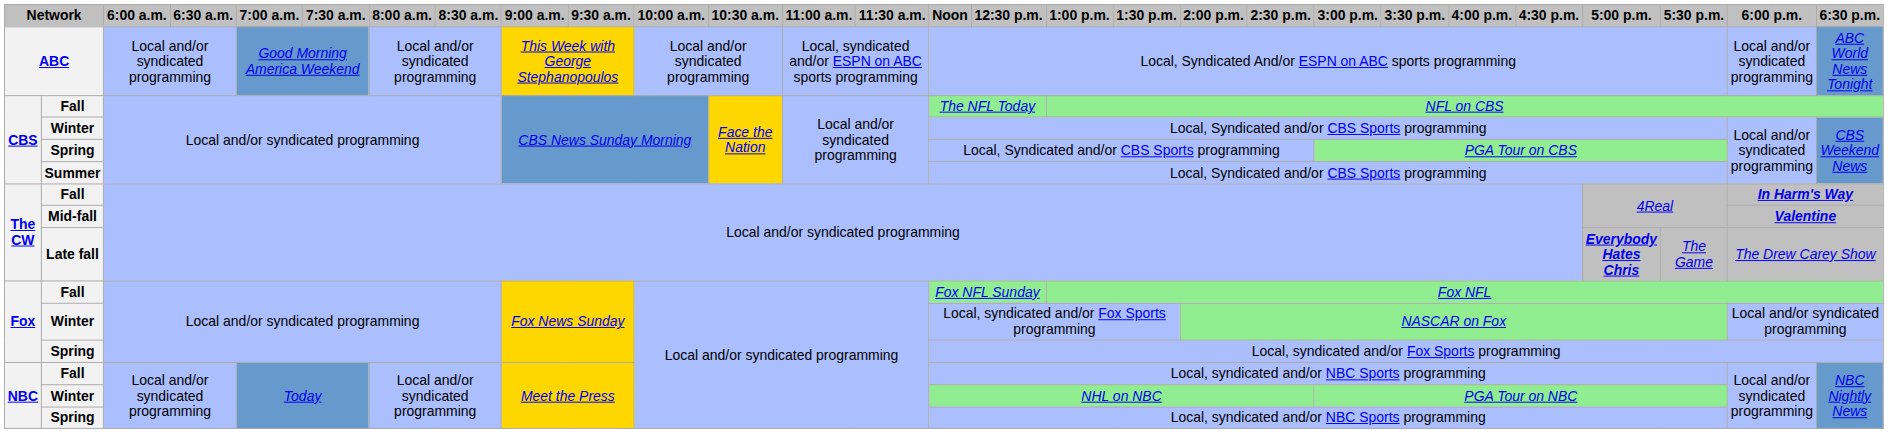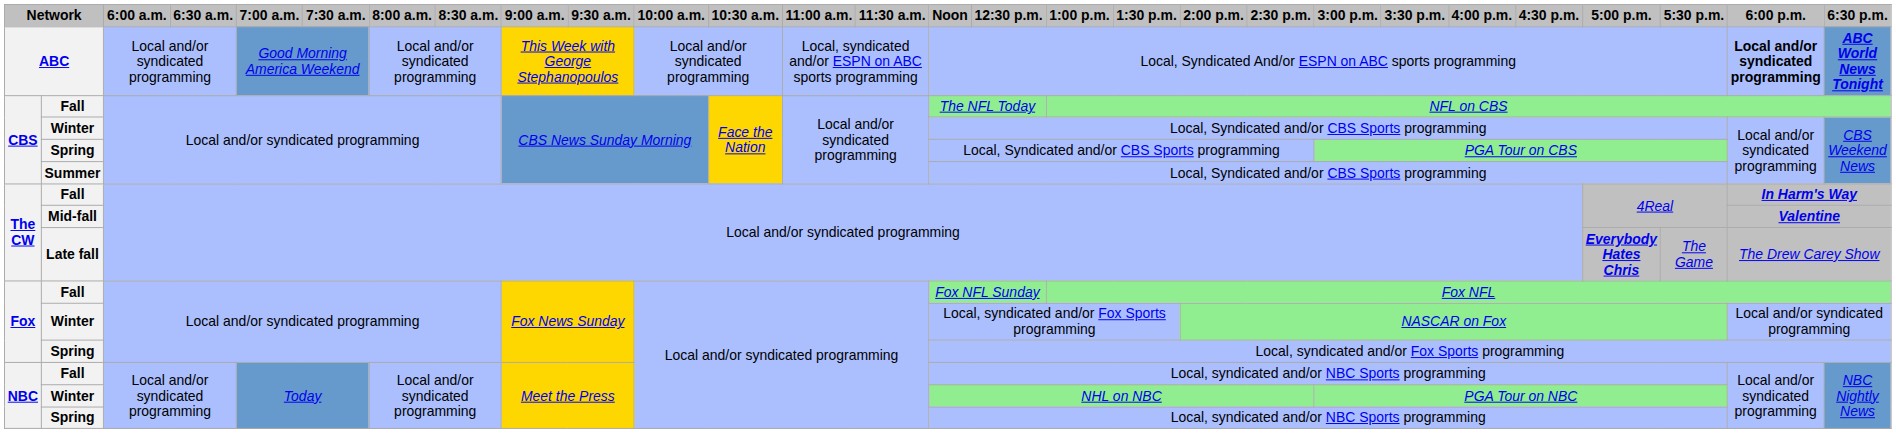 <table class="wikitable sortable" style="width:100%;margin-right:0;font-size:90%;text-align:center">
 <tr>
 <th colspan="2" style="background:#C0C0C0; width:1.5%; text-align:center;">Network</th>
 <th width="4%" style="background:#C0C0C0; text-align:center;">6:00 a.m.</th>
 <th width="4%" style="background:#C0C0C0; text-align:center;">6:30 a.m.</th>
 <th width="4%" style="background:#C0C0C0; text-align:center;">7:00 a.m.</th>
 <th width="4%" style="background:#C0C0C0; text-align:center;">7:30 a.m.</th>
 <th width="4%" style="background:#C0C0C0; text-align:center;">8:00 a.m.</th>
 <th width="4%" style="background:#C0C0C0; text-align:center;">8:30 a.m.</th>
 <th width="4%" style="background:#C0C0C0; text-align:center;">9:00 a.m.</th>
 <th width="4%" style="background:#C0C0C0; text-align:center;">9:30 a.m.</th>
 <th width="4%" style="background:#C0C0C0; text-align:center;">10:00 a.m.</th>
 <th width="4%" style="background:#C0C0C0; text-align:center;">10:30 a.m.</th>
 <th width="4%" style="background:#C0C0C0; text-align:center;">11:00 a.m.</th>
 <th width="4%" style="background:#C0C0C0; text-align:center;">11:30 a.m.</th>
 <th width="4%" style="background:#C0C0C0; text-align:center;">Noon</th>
 <th width="4%" style="background:#C0C0C0; text-align:center;">12:30 p.m.</th>
 <th width="4%" style="background:#C0C0C0; text-align:center;">1:00 p.m.</th>
 <th width="4%" style="background:#C0C0C0; text-align:center;">1:30 p.m.</th>
 <th width="4%" style="background:#C0C0C0; text-align:center;">2:00 p.m.</th>
 <th width="4%" style="background:#C0C0C0; text-align:center;">2:30 p.m.</th>
 <th width="4%" style="background:#C0C0C0; text-align:center;">3:00 p.m.</th>
 <th width="4%" style="background:#C0C0C0; text-align:center;">3:30 p.m.</th>
 <th width="4%" style="background:#C0C0C0; text-align:center;">4:00 p.m.</th>
 <th width="4%" style="background:#C0C0C0; text-align:center;">4:30 p.m.</th>
 <th width="4%" style="background:#C0C0C0; text-align:center;">5:00 p.m.</th>
 <th width="4%" style="background:#C0C0C0; text-align:center;">5:30 p.m.</th>
 <th width="4%" style="background:#C0C0C0; text-align:center;">6:00 p.m.</th>
 <th width="4%" style="background:#C0C0C0; text-align:center;">6:30 p.m.</th>
 </tr>
 <tr>
 <th colspan="2"><a href='#'>ABC</a></th>
 <td colspan="2" style="background:#abbfff;">Local and/or syndicated programming</td>
 <td colspan="2" style="background: #6699CC;"><em><a href='#'>Good Morning America Weekend</a></em></td>
 <td colspan="2" style="background:#abbfff;">Local and/or syndicated programming</td>
 <td colspan="2" style="background:#ffd700;"><em><a href='#'>This Week with George Stephanopoulos</a></em></td>
 <td colspan="2" style="background:#abbfff;">Local and/or syndicated programming</td>
 <td colspan="2" style="background:#abbfff;">Local, syndicated and/or <a href='#'>ESPN on ABC</a> sports programming</td>
 <td colspan="12" style="background:#abbfff;">Local, Syndicated And/or <a href='#'>ESPN on ABC</a> sports programming</td>
-<td style="background:#abbfff;">Local and/or syndicated programming</td>
-<td style="background: #6699CC;"><em><a href='#'>ABC World News Tonight</a></em></td>
+<td style="background:#abbfff;"><strong>Local and/or syndicated programming</strong></td>
+<td style="background: #6699CC;"><strong><em><a href='#'>ABC World News Tonight</a></em></strong></td>
 </tr>
 <tr>
 <th rowspan="4"><a href='#'>CBS</a></th>
 <th>Fall</th>
 <td colspan="6" rowspan="4" style="background:#abbfff;">Local and/or syndicated programming</td>
 <td colspan="3" rowspan="4"style="background: #6699CC;"><em><a href='#'>CBS News Sunday Morning</a></em></td>
 <td rowspan="4" style="background:#ffd700;"><em><a href='#'>Face the Nation</a></em></td>
 <td colspan="2" rowspan="4" style="background:#abbfff;">Local and/or syndicated programming</td>
 <td colspan="2" style="background:lightgreen;"><em><a href='#'>The NFL Today</a></em></td>
 <td colspan="12" style="background:lightgreen;"><em><a href='#'>NFL on CBS</a></em> </td>
 </tr>
 <tr>
 <th>Winter</th>
 <td colspan="12" style="background:#abbfff;">Local, Syndicated and/or <a href='#'>CBS Sports</a> programming</td>
 <td rowspan="3" style="background:#abbfff;">Local and/or syndicated programming</td>
 <td rowspan="3" style="background: #6699CC"><em><a href='#'>CBS Weekend News</a></em></td>
 </tr>
 <tr>
 <th>Spring</th>
 <td colspan="6" style="background:#abbfff;">Local, Syndicated and/or <a href='#'>CBS Sports</a> programming</td>
 <td colspan="6" style="background:lightgreen;"><em><a href='#'>PGA Tour on CBS</a></em></td>
 </tr>
 <tr>
 <th>Summer</th>
 <td colspan="12" style="background:#abbfff;">Local, Syndicated and/or <a href='#'>CBS Sports</a> programming</td>
 </tr>
 <tr>
 <th rowspan="3"><a href='#'>The CW</a></th>
 <th>Fall</th>
 <td rowspan="3" colspan="22" style="background:#abbfff;">Local and/or syndicated programming</td>
 <td style="background:#C0C0C0;" rowspan="2" colspan="2"><em><a href='#'>4Real</a></em></td>
 <td style="background:#C0C0C0;" colspan="2"><strong><em><a href='#'>In Harm's Way</a></em></strong> </td>
 </tr>
 <tr>
 <th>Mid-fall</th>
 <td style="background:#C0C0C0;"bgcolor="lightgray" colspan="2"><strong><em><a href='#'>Valentine</a></em></strong> </td>
 </tr>
 <tr>
 <th>Late fall</th>
 <td style="background:#C0C0C0;"><strong><em><a href='#'>Everybody Hates Chris</a></em> </strong></td>
 <td style="background:#C0C0C0;"><em><a href='#'>The Game</a></em> </td>
 <td style="background:#C0C0C0;" colspan="2"><em><a href='#'>The Drew Carey Show</a></em> </td>
 </tr>
 <tr>
 <th rowspan="3"><a href='#'>Fox</a></th>
 <th>Fall</th>
 <td colspan="6" rowspan="3" style="background:#abbfff">Local and/or syndicated programming</td>
 <td colspan="2" rowspan="3" style="background:#ffd700;"><em><a href='#'>Fox News Sunday</a></em></td>
 <td colspan="4" rowspan="7" style="background:#abbfff">Local and/or syndicated programming</td>
 <td colspan="2" style="background:lightgreen;"><em><a href='#'>Fox NFL Sunday</a></em></td>
 <td colspan="12" style="background:lightgreen;"><em><a href='#'>Fox NFL</a></em> </td>
 </tr>
 <tr>
 <th>Winter</th>
 <td colspan="4" style="background:#abbfff;">Local, syndicated and/or <a href='#'>Fox Sports</a> programming</td>
 <td colspan="8" style="background:lightgreen;"><em><a href='#'>NASCAR on Fox</a></em></td>
 <td colspan="2" style="background:#abbfff;">Local and/or syndicated programming</td>
 </tr>
 <tr>
 <th>Spring</th>
 <td colspan="14" style="background:#abbfff;">Local, syndicated and/or <a href='#'>Fox Sports</a> programming</td>
 </tr>
 <tr>
 <th rowspan="3"><a href='#'>NBC</a></th>
 <th>Fall</th>
 <td colspan="2" rowspan="4" style="background:#abbfff;">Local and/or syndicated programming</td>
 <td colspan="2" rowspan="4" style="background: #6699CC;"><em><a href='#'>Today</a></em></td>
 <td colspan="2" rowspan="4" style="background:#abbfff;">Local and/or syndicated programming</td>
 <td colspan="2" rowspan="4" style="background:#ffd700;"><em><a href='#'>Meet the Press</a></em></td>
 <td colspan="12" style="background:#abbfff;">Local, syndicated and/or <a href='#'>NBC Sports</a> programming</td>
 <td rowspan="4" style="background:#abbfff;">Local and/or syndicated programming</td>
 <td rowspan="4" style="background:#6699CC;"><em><a href='#'>NBC Nightly News</a></em></td>
 </tr>
 <tr>
 <th>Winter</th>
 <td colspan="6" style="background:lightgreen;"><em><a href='#'>NHL on NBC</a></em></td>
 <td colspan="6" style="background:lightgreen;"><em><a href='#'>PGA Tour on NBC</a></em></td>
 </tr>
 <tr>
 <th>Spring</th>
 <td colspan="12" style="background:#abbfff;">Local, syndicated and/or <a href='#'>NBC Sports</a> programming</td>
 </tr>
 </table>
